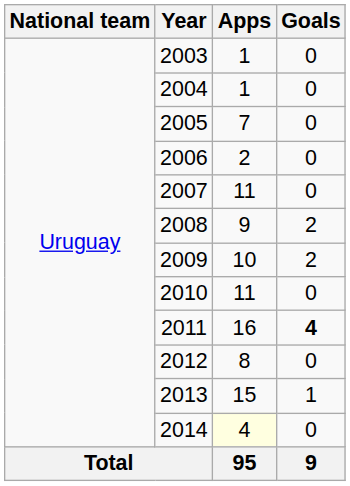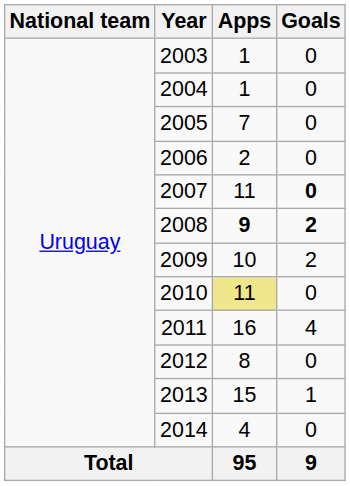 <table class="wikitable" style="text-align:center">
 <tr>
 <th>National team</th>
 <th>Year</th>
 <th>Apps</th>
 <th>Goals</th>
 </tr>
 <tr>
 <td rowspan="12"><a href='#'>Uruguay</a></td>
 <td>2003</td>
 <td>1</td>
 <td>0</td>
 </tr>
 <tr>
 <td>2004</td>
 <td>1</td>
 <td>0</td>
 </tr>
 <tr>
 <td>2005</td>
 <td>7</td>
 <td>0</td>
 </tr>
 <tr>
 <td>2006</td>
 <td>2</td>
 <td>0</td>
 </tr>
 <tr>
 <td>2007</td>
 <td>11</td>
-<td>0</td>
+<td><strong>0</strong></td>
 </tr>
 <tr>
 <td>2008</td>
-<td>9</td>
-<td>2</td>
+<td><strong>9</strong></td>
+<td><strong>2</strong></td>
 </tr>
 <tr>
 <td>2009</td>
 <td>10</td>
 <td>2</td>
 </tr>
 <tr>
 <td>2010</td>
-<td>11</td>
+<td style="background: khaki;">11</td>
 <td>0</td>
 </tr>
 <tr>
 <td>2011</td>
 <td>16</td>
-<td><strong>4</strong></td>
+<td>4</td>
 </tr>
 <tr>
 <td>2012</td>
 <td>8</td>
 <td>0</td>
 </tr>
 <tr>
 <td>2013</td>
 <td>15</td>
 <td>1</td>
 </tr>
 <tr>
 <td>2014</td>
-<td style="background: lightyellow;">4</td>
+<td>4</td>
 <td>0</td>
 </tr>
 <tr>
 <th colspan="2">Total</th>
 <th>95</th>
 <th>9</th>
 </tr>
 </table>
